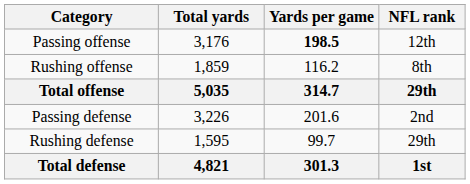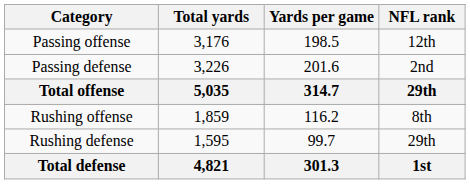 <table class="wikitable" style="text-align:center">
 <tr>
 <th width="150">Category</th>
 <th width="100">Total yards</th>
 <th width="110">Yards per game</th>
 <th width="80">NFL rank<br></th>
 </tr>
 <tr>
 <td>Passing offense</td>
 <td>3,176</td>
-<td><strong>198.5</strong></td>
+<td>198.5</td>
 <td>12th</td>
 </tr>
 <tr>
-<td>Rushing offense</td>
-<td>1,859</td>
-<td>116.2</td>
-<td>8th</td>
+<td>Passing defense</td>
+<td>3,226</td>
+<td>201.6</td>
+<td>2nd</td>
 </tr>
 <tr>
 <th>Total offense</th>
 <th>5,035</th>
 <th>314.7</th>
 <th>29th</th>
 </tr>
 <tr>
-<td>Passing defense</td>
-<td>3,226</td>
-<td>201.6</td>
-<td>2nd</td>
+<td>Rushing offense</td>
+<td>1,859</td>
+<td>116.2</td>
+<td>8th</td>
 </tr>
 <tr>
 <td>Rushing defense</td>
 <td>1,595</td>
 <td>99.7</td>
 <td>29th</td>
 </tr>
 <tr>
 <th>Total defense</th>
 <th>4,821</th>
 <th>301.3</th>
 <th>1st</th>
 </tr>
 </table>
